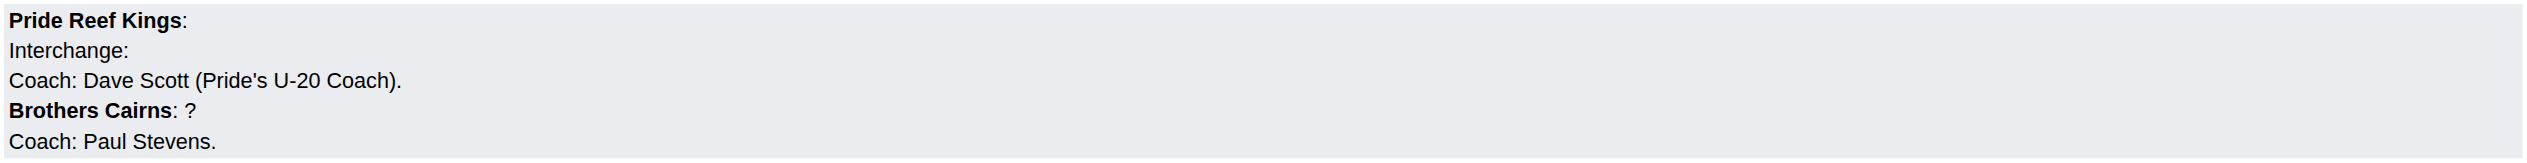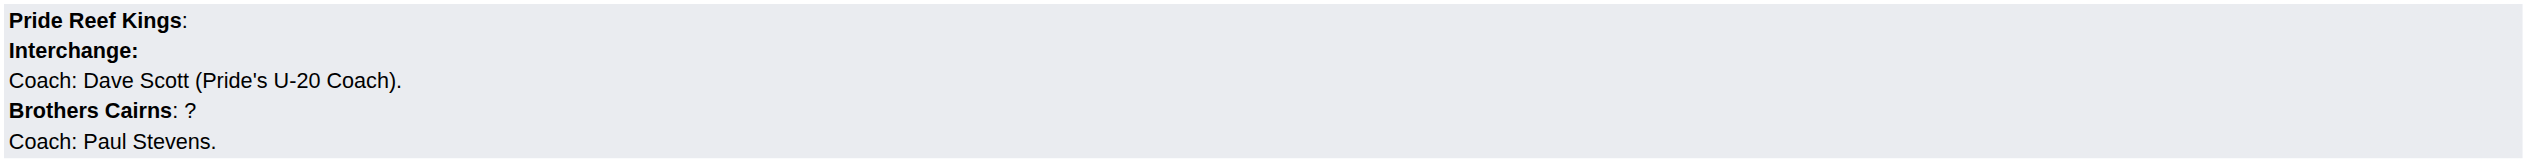 <table style="background:#eaecf0; font-size:85%; width:100%;">
 <tr>
 <td><strong> Pride Reef Kings</strong>:             </td>
 </tr>
 <tr>
-<td>Interchange:     </td>
+<td><strong>Interchange:     </strong></td>
 </tr>
 <tr>
 <td>Coach:  Dave Scott (Pride's U-20 Coach).</td>
 </tr>
 <tr>
 <td><strong> Brothers Cairns</strong>: ?</td>
 </tr>
 <tr>
 <td>Coach: Paul Stevens.</td>
 </tr>
 </table>
